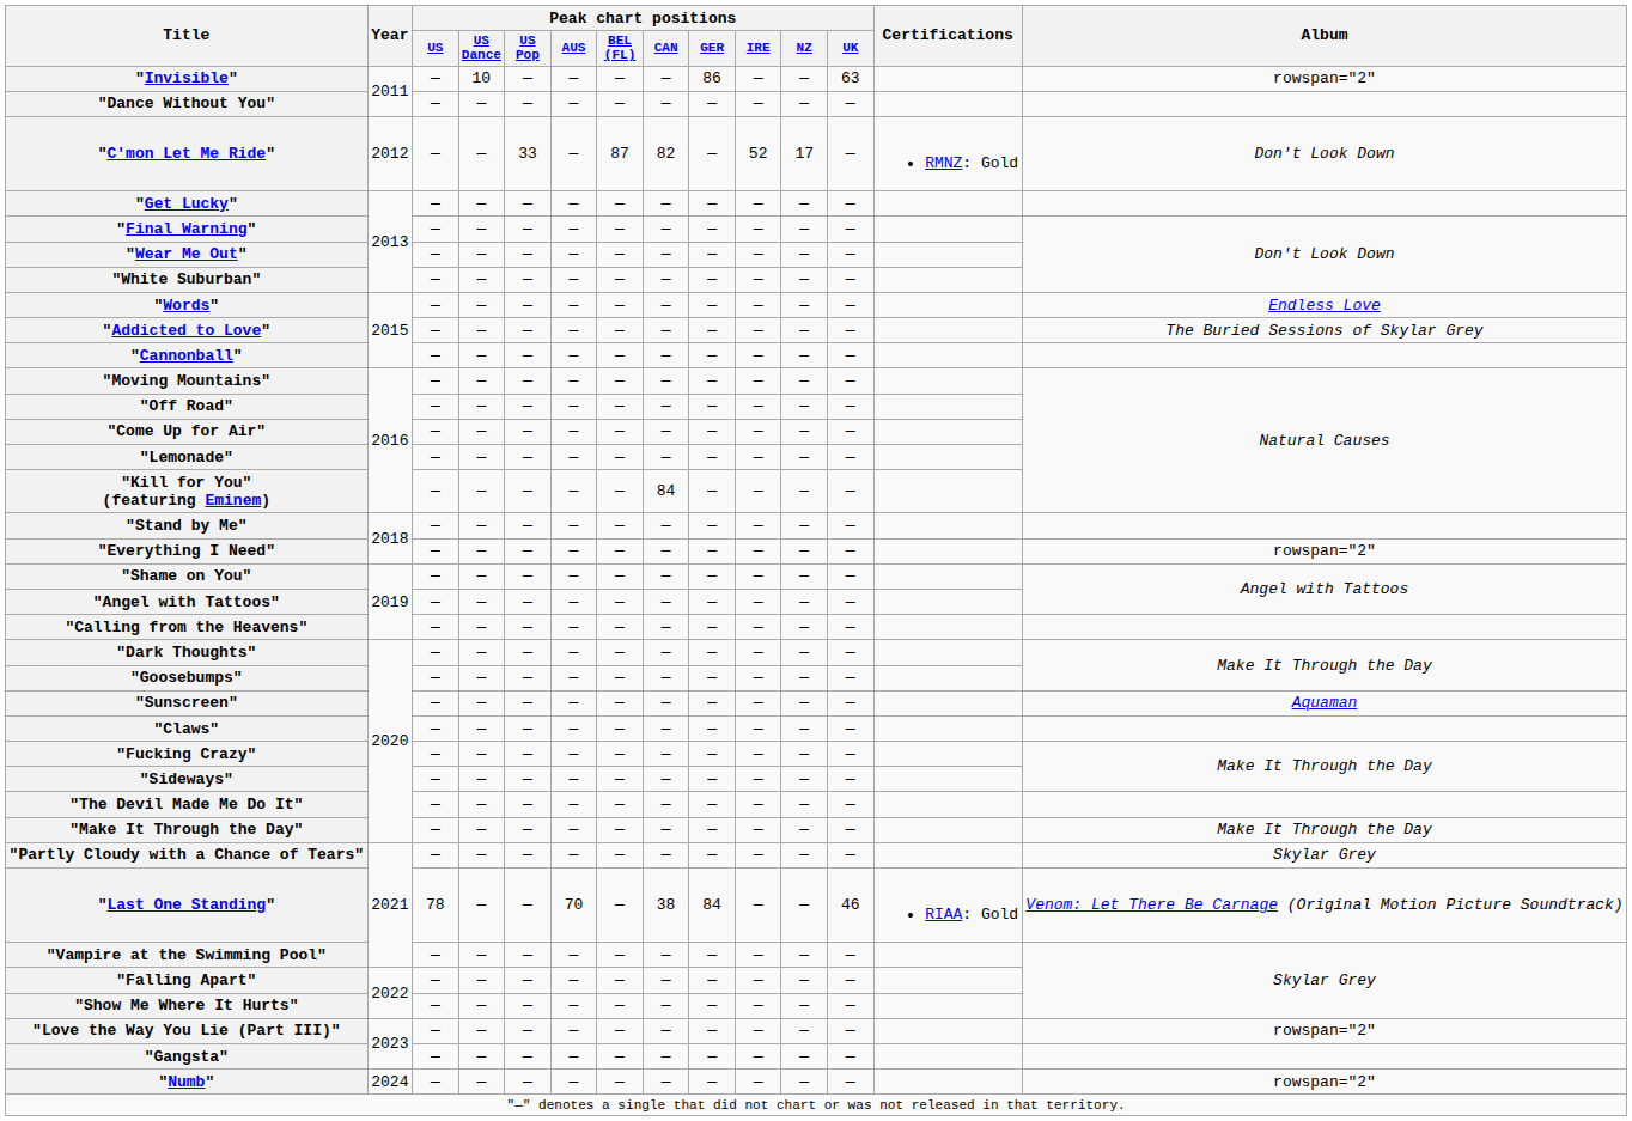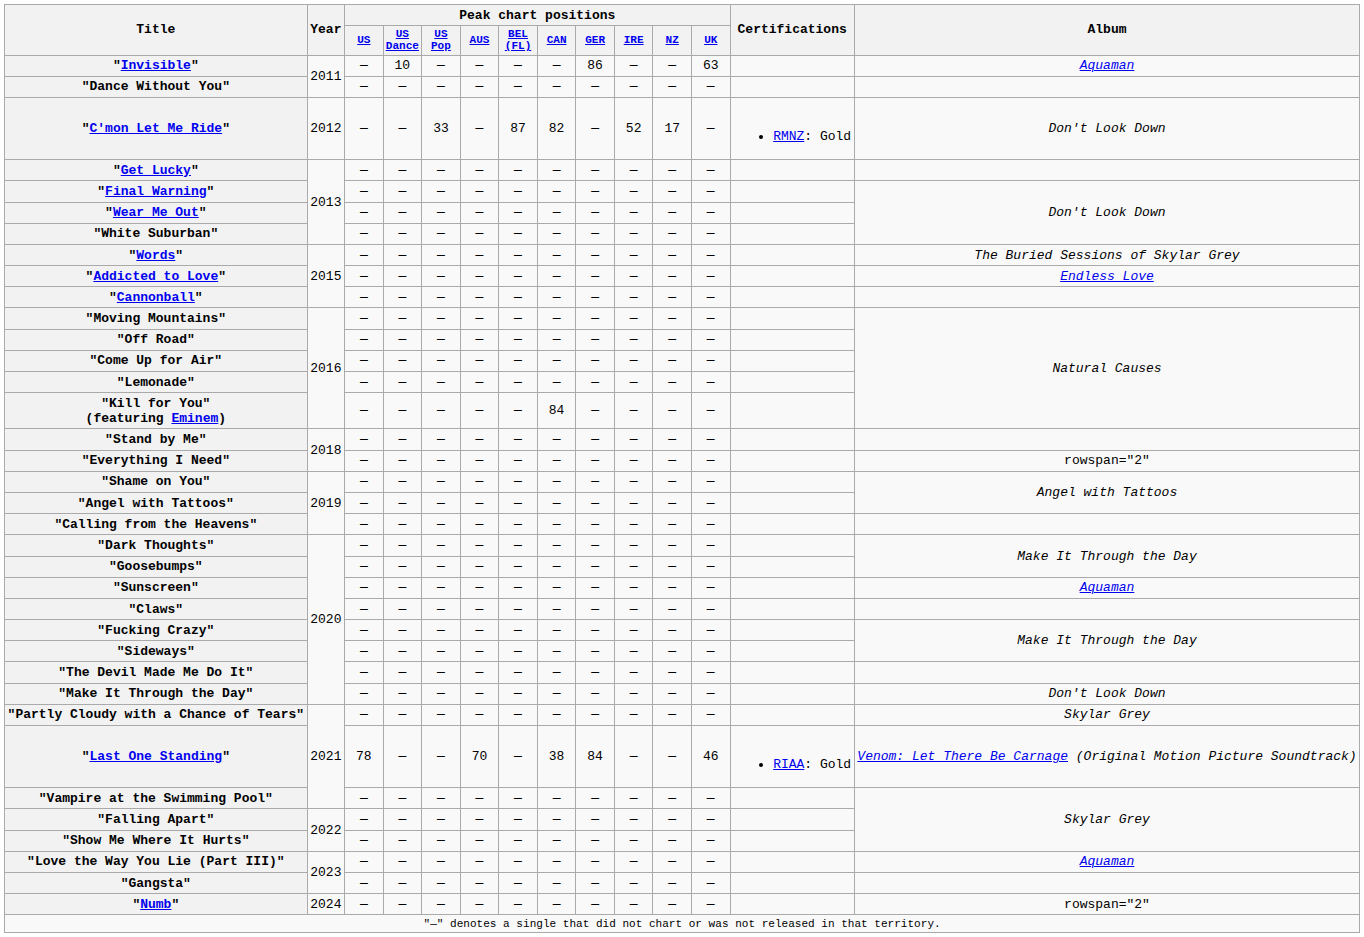 <table class="wikitable plainrowheaders" style="text-align: center;">
 <tr>
 <th scope="col" rowspan="2">Title</th>
 <th scope="col" rowspan="2">Year</th>
 <th scope="col" colspan="10">Peak chart positions</th>
 <th rowspan="2">Certifications</th>
 <th rowspan="2" scope="col">Album</th>
 </tr>
 <tr>
 <th scope="col" style="width:3em; font-size:85%;"><a href='#'>US</a><br></th>
 <th scope="col" style="width:3em; font-size:85%;"><a href='#'>US<br>Dance</a><br></th>
 <th scope="col" style="width:3em; font-size:85%;"><a href='#'>US<br>Pop</a><br></th>
 <th scope="col" style="width:3em; font-size:85%;"><a href='#'>AUS</a><br></th>
 <th scope="col" style="width:3em; font-size:85%;"><a href='#'>BEL<br>(FL)</a><br></th>
 <th scope="col" style="width:3em; font-size:85%;"><a href='#'>CAN</a><br></th>
 <th scope="col" style="width:3em; font-size:85%;"><a href='#'>GER</a><br></th>
 <th scope="col" style="width:3em; font-size:85%;"><a href='#'>IRE</a><br></th>
 <th scope="col" style="width:3em; font-size:85%;"><a href='#'>NZ</a><br></th>
 <th scope="col" style="width:3em; font-size:85%;"><a href='#'>UK</a><br></th>
 </tr>
 <tr>
 <th scope="row">"<a href='#'>Invisible</a>"</th>
 <td rowspan="2">2011</td>
 <td>—</td>
 <td>10</td>
 <td>—</td>
 <td>—</td>
 <td>—</td>
 <td>—</td>
 <td>86</td>
 <td>—</td>
 <td>—</td>
 <td>63</td>
 <td></td>
-<td>rowspan="2" </td>
+<td><em><a href='#'>Aquaman</a></em></td>
 </tr>
 <tr>
 <th scope="row">"Dance Without You"</th>
 <td>—</td>
 <td>—</td>
 <td>—</td>
 <td>—</td>
 <td>—</td>
 <td>—</td>
 <td>—</td>
 <td>—</td>
 <td>—</td>
 <td>—</td>
 <td></td>
 </tr>
 <tr>
 <th scope="row">"<a href='#'>C'mon Let Me Ride</a>"<br></th>
 <td>2012</td>
 <td>—</td>
 <td>—</td>
 <td>33</td>
 <td>—</td>
 <td>87</td>
 <td>82</td>
 <td>—</td>
 <td>52</td>
 <td>17</td>
 <td>—</td>
 <td><br><ul><li><a href='#'>RMNZ</a>: Gold</li></ul></td>
 <td><em>Don't Look Down</em></td>
 </tr>
 <tr>
 <th scope="row">"<a href='#'>Get Lucky</a>"</th>
 <td rowspan="4">2013</td>
 <td>—</td>
 <td>—</td>
 <td>—</td>
 <td>—</td>
 <td>—</td>
 <td>—</td>
 <td>—</td>
 <td>—</td>
 <td>—</td>
 <td>—</td>
 <td></td>
 <td></td>
 </tr>
 <tr>
 <th scope="row">"<a href='#'>Final Warning</a>"</th>
 <td>—</td>
 <td>—</td>
 <td>—</td>
 <td>—</td>
 <td>—</td>
 <td>—</td>
 <td>—</td>
 <td>—</td>
 <td>—</td>
 <td>—</td>
 <td></td>
 <td rowspan="3"><em>Don't Look Down</em></td>
 </tr>
 <tr>
 <th scope="row">"<a href='#'>Wear Me Out</a>"</th>
 <td>—</td>
 <td>—</td>
 <td>—</td>
 <td>—</td>
 <td>—</td>
 <td>—</td>
 <td>—</td>
 <td>—</td>
 <td>—</td>
 <td>—</td>
 <td></td>
 </tr>
 <tr>
 <th scope="row">"White Suburban"</th>
 <td>—</td>
 <td>—</td>
 <td>—</td>
 <td>—</td>
 <td>—</td>
 <td>—</td>
 <td>—</td>
 <td>—</td>
 <td>—</td>
 <td>—</td>
 <td></td>
 </tr>
 <tr>
 <th scope="row">"<a href='#'>Words</a>"</th>
 <td rowspan="3">2015</td>
 <td>—</td>
 <td>—</td>
 <td>—</td>
 <td>—</td>
 <td>—</td>
 <td>—</td>
 <td>—</td>
 <td>—</td>
 <td>—</td>
 <td>—</td>
 <td></td>
-<td><em><a href='#'>Endless Love</a></em></td>
+<td><em>The Buried Sessions of Skylar Grey</em></td>
 </tr>
 <tr>
 <th scope="row">"<a href='#'>Addicted to Love</a>"</th>
 <td>—</td>
 <td>—</td>
 <td>—</td>
 <td>—</td>
 <td>—</td>
 <td>—</td>
 <td>—</td>
 <td>—</td>
 <td>—</td>
 <td>—</td>
 <td></td>
-<td><em>The Buried Sessions of Skylar Grey</em></td>
+<td><em><a href='#'>Endless Love</a></em></td>
 </tr>
 <tr>
 <th scope="row">"<a href='#'>Cannonball</a>"<br></th>
 <td>—</td>
 <td>—</td>
 <td>—</td>
 <td>—</td>
 <td>—</td>
 <td>—</td>
 <td>—</td>
 <td>—</td>
 <td>—</td>
 <td>—</td>
 <td></td>
 <td></td>
 </tr>
 <tr>
 <th scope="row">"Moving Mountains"</th>
 <td rowspan="5">2016</td>
 <td>—</td>
 <td>—</td>
 <td>—</td>
 <td>—</td>
 <td>—</td>
 <td>—</td>
 <td>—</td>
 <td>—</td>
 <td>—</td>
 <td>—</td>
 <td></td>
 <td rowspan="5"><em>Natural Causes</em></td>
 </tr>
 <tr>
 <th scope="row">"Off Road"</th>
 <td>—</td>
 <td>—</td>
 <td>—</td>
 <td>—</td>
 <td>—</td>
 <td>—</td>
 <td>—</td>
 <td>—</td>
 <td>—</td>
 <td>—</td>
 <td></td>
 </tr>
 <tr>
 <th scope="row">"Come Up for Air"</th>
 <td>—</td>
 <td>—</td>
 <td>—</td>
 <td>—</td>
 <td>—</td>
 <td>—</td>
 <td>—</td>
 <td>—</td>
 <td>—</td>
 <td>—</td>
 <td></td>
 </tr>
 <tr>
 <th scope="row">"Lemonade"</th>
 <td>—</td>
 <td>—</td>
 <td>—</td>
 <td>—</td>
 <td>—</td>
 <td>—</td>
 <td>—</td>
 <td>—</td>
 <td>—</td>
 <td>—</td>
 <td></td>
 </tr>
 <tr>
 <th scope="row">"Kill for You"<br><span>(featuring <a href='#'>Eminem</a>)</span></th>
 <td>—</td>
 <td>—</td>
 <td>—</td>
 <td>—</td>
 <td>—</td>
 <td>84</td>
 <td>—</td>
 <td>—</td>
 <td>—</td>
 <td>—</td>
 <td></td>
 </tr>
 <tr>
 <th scope="row">"Stand by Me"</th>
 <td rowspan="2">2018</td>
 <td>—</td>
 <td>—</td>
 <td>—</td>
 <td>—</td>
 <td>—</td>
 <td>—</td>
 <td>—</td>
 <td>—</td>
 <td>—</td>
 <td>—</td>
 <td></td>
 <td></td>
 </tr>
 <tr>
 <th scope="row">"Everything I Need"</th>
 <td>—</td>
 <td>—</td>
 <td>—</td>
 <td>—</td>
 <td>—</td>
 <td>—</td>
 <td>—</td>
 <td>—</td>
 <td>—</td>
 <td>—</td>
 <td></td>
 <td>rowspan="2" </td>
 </tr>
 <tr>
 <th scope="row">"Shame on You"</th>
 <td rowspan="3">2019</td>
 <td>—</td>
 <td>—</td>
 <td>—</td>
 <td>—</td>
 <td>—</td>
 <td>—</td>
 <td>—</td>
 <td>—</td>
 <td>—</td>
 <td>—</td>
 <td></td>
 <td rowspan="2"><em>Angel with Tattoos</em></td>
 </tr>
 <tr>
 <th scope="row">"Angel with Tattoos"</th>
 <td>—</td>
 <td>—</td>
 <td>—</td>
 <td>—</td>
 <td>—</td>
 <td>—</td>
 <td>—</td>
 <td>—</td>
 <td>—</td>
 <td>—</td>
 <td></td>
 </tr>
 <tr>
 <th scope="row">"Calling from the Heavens"</th>
 <td>—</td>
 <td>—</td>
 <td>—</td>
 <td>—</td>
 <td>—</td>
 <td>—</td>
 <td>—</td>
 <td>—</td>
 <td>—</td>
 <td>—</td>
 <td></td>
 <td></td>
 </tr>
 <tr>
 <th scope="row">"Dark Thoughts"</th>
 <td rowspan="8">2020</td>
 <td>—</td>
 <td>—</td>
 <td>—</td>
 <td>—</td>
 <td>—</td>
 <td>—</td>
 <td>—</td>
 <td>—</td>
 <td>—</td>
 <td>—</td>
 <td></td>
 <td rowspan="2"><em>Make It Through the Day</em></td>
 </tr>
 <tr>
 <th scope="row">"Goosebumps"</th>
 <td>—</td>
 <td>—</td>
 <td>—</td>
 <td>—</td>
 <td>—</td>
 <td>—</td>
 <td>—</td>
 <td>—</td>
 <td>—</td>
 <td>—</td>
 <td></td>
 </tr>
 <tr>
 <th scope="row">"Sunscreen"</th>
 <td>—</td>
 <td>—</td>
 <td>—</td>
 <td>—</td>
 <td>—</td>
 <td>—</td>
 <td>—</td>
 <td>—</td>
 <td>—</td>
 <td>—</td>
 <td></td>
 <td><em><a href='#'>Aquaman</a></em></td>
 </tr>
 <tr>
 <th scope="row">"Claws"<br></th>
 <td>—</td>
 <td>—</td>
 <td>—</td>
 <td>—</td>
 <td>—</td>
 <td>—</td>
 <td>—</td>
 <td>—</td>
 <td>—</td>
 <td>—</td>
 <td></td>
 </tr>
 <tr>
 <th scope="row">"Fucking Crazy"</th>
 <td>—</td>
 <td>—</td>
 <td>—</td>
 <td>—</td>
 <td>—</td>
 <td>—</td>
 <td>—</td>
 <td>—</td>
 <td>—</td>
 <td>—</td>
 <td></td>
 <td rowspan="2"><em>Make It Through the Day</em></td>
 </tr>
 <tr>
 <th scope="row">"Sideways"</th>
 <td>—</td>
 <td>—</td>
 <td>—</td>
 <td>—</td>
 <td>—</td>
 <td>—</td>
 <td>—</td>
 <td>—</td>
 <td>—</td>
 <td>—</td>
 <td></td>
 </tr>
 <tr>
 <th scope="row">"The Devil Made Me Do It"<br></th>
 <td>—</td>
 <td>—</td>
 <td>—</td>
 <td>—</td>
 <td>—</td>
 <td>—</td>
 <td>—</td>
 <td>—</td>
 <td>—</td>
 <td>—</td>
 <td></td>
 <td></td>
 </tr>
 <tr>
 <th scope="row">"Make It Through the Day"</th>
 <td>—</td>
 <td>—</td>
 <td>—</td>
 <td>—</td>
 <td>—</td>
 <td>—</td>
 <td>—</td>
 <td>—</td>
 <td>—</td>
 <td>—</td>
 <td></td>
-<td><em>Make It Through the Day</em></td>
+<td><em>Don't Look Down</em></td>
 </tr>
 <tr>
 <th scope="row">"Partly Cloudy with a Chance of Tears"</th>
 <td rowspan="3">2021</td>
 <td>—</td>
 <td>—</td>
 <td>—</td>
 <td>—</td>
 <td>—</td>
 <td>—</td>
 <td>—</td>
 <td>—</td>
 <td>—</td>
 <td>—</td>
 <td></td>
 <td><em>Skylar Grey</em></td>
 </tr>
 <tr>
 <th scope="row">"<a href='#'>Last One Standing</a>"<br></th>
 <td>78</td>
 <td>—</td>
 <td>—</td>
 <td>70</td>
 <td>—</td>
 <td>38</td>
 <td>84</td>
 <td>—</td>
 <td>—</td>
 <td>46</td>
 <td><br><ul><li><a href='#'>RIAA</a>: Gold</li></ul></td>
 <td><em><a href='#'>Venom: Let There Be Carnage</a> (Original Motion Picture Soundtrack)</em></td>
 </tr>
 <tr>
 <th scope="row">"Vampire at the Swimming Pool"</th>
 <td>—</td>
 <td>—</td>
 <td>—</td>
 <td>—</td>
 <td>—</td>
 <td>—</td>
 <td>—</td>
 <td>—</td>
 <td>—</td>
 <td>—</td>
 <td></td>
 <td rowspan="3"><em>Skylar Grey</em></td>
 </tr>
 <tr>
 <th scope="row">"Falling Apart"</th>
 <td rowspan="2">2022</td>
 <td>—</td>
 <td>—</td>
 <td>—</td>
 <td>—</td>
 <td>—</td>
 <td>—</td>
 <td>—</td>
 <td>—</td>
 <td>—</td>
 <td>—</td>
 <td></td>
 </tr>
 <tr>
 <th scope="row">"Show Me Where It Hurts"</th>
 <td>—</td>
 <td>—</td>
 <td>—</td>
 <td>—</td>
 <td>—</td>
 <td>—</td>
 <td>—</td>
 <td>—</td>
 <td>—</td>
 <td>—</td>
 <td></td>
 </tr>
 <tr>
 <th scope="row">"Love the Way You Lie (Part III)"</th>
 <td rowspan="2">2023</td>
 <td>—</td>
 <td>—</td>
 <td>—</td>
 <td>—</td>
 <td>—</td>
 <td>—</td>
 <td>—</td>
 <td>—</td>
 <td>—</td>
 <td>—</td>
 <td></td>
-<td>rowspan="2"</td>
+<td><em><a href='#'>Aquaman</a></em></td>
 </tr>
 <tr>
 <th scope="row">"Gangsta"<br></th>
 <td>—</td>
 <td>—</td>
 <td>—</td>
 <td>—</td>
 <td>—</td>
 <td>—</td>
 <td>—</td>
 <td>—</td>
 <td>—</td>
 <td>—</td>
 <td></td>
 </tr>
 <tr>
 <th scope="row">"<a href='#'>Numb</a>"<br></th>
 <td rowspan="1">2024</td>
 <td>—</td>
 <td>—</td>
 <td>—</td>
 <td>—</td>
 <td>—</td>
 <td>—</td>
 <td>—</td>
 <td>—</td>
 <td>—</td>
 <td>—</td>
 <td></td>
 <td>rowspan="2" </td>
 </tr>
 <tr>
 <td colspan="17" style="font-size:85%">"—" denotes a single that did not chart or was not released in that territory.</td>
 </tr>
 </table>
